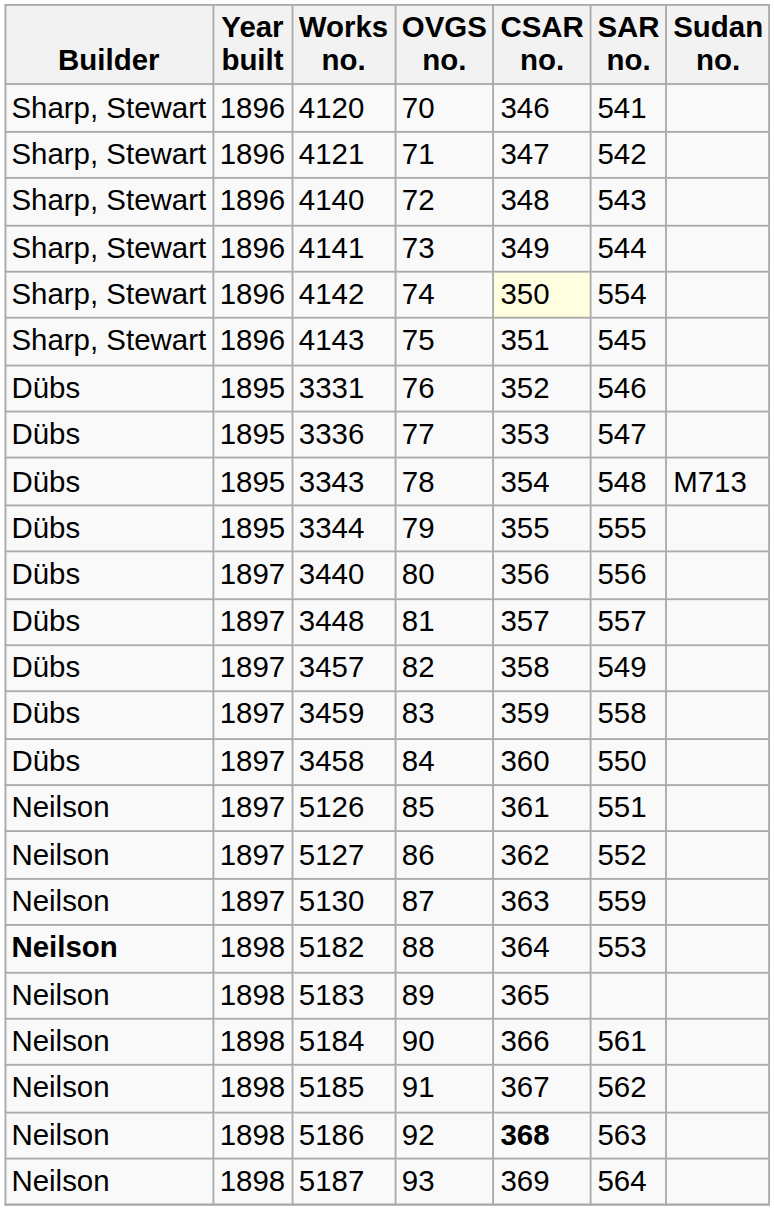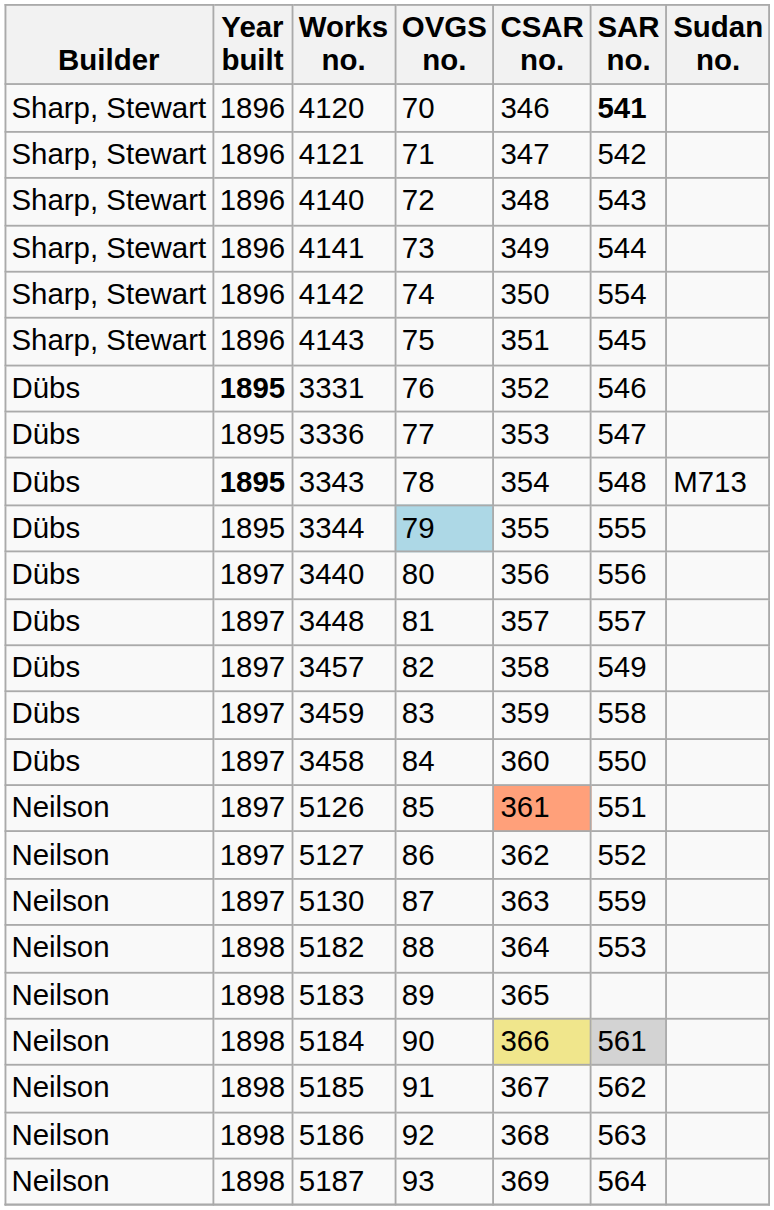 <table class="wikitable collapsible collapsed sortable" style="margin:0.5em auto; font-size:100%;">
 <tr>
 <th><br>Builder</th>
 <th>Year<br>built</th>
 <th>Works<br>no.</th>
 <th>OVGS<br>no.</th>
 <th>CSAR<br>no.</th>
 <th>SAR<br>no.</th>
 <th>Sudan<br>no.</th>
 </tr>
 <tr>
 <td>Sharp, Stewart</td>
 <td>1896</td>
 <td>4120</td>
 <td>70</td>
 <td>346</td>
-<td>541</td>
+<td><strong>541</strong></td>
 <td></td>
 </tr>
 <tr>
 <td>Sharp, Stewart</td>
 <td>1896</td>
 <td>4121</td>
 <td>71</td>
 <td>347</td>
 <td>542</td>
 <td></td>
 </tr>
 <tr>
 <td>Sharp, Stewart</td>
 <td>1896</td>
 <td>4140</td>
 <td>72</td>
 <td>348</td>
 <td>543</td>
 <td></td>
 </tr>
 <tr>
 <td>Sharp, Stewart</td>
 <td>1896</td>
 <td>4141</td>
 <td>73</td>
 <td>349</td>
 <td>544</td>
 <td></td>
 </tr>
 <tr>
 <td>Sharp, Stewart</td>
 <td>1896</td>
 <td>4142</td>
 <td>74</td>
-<td style="background: lightyellow;">350</td>
+<td>350</td>
 <td>554</td>
 <td></td>
 </tr>
 <tr>
 <td>Sharp, Stewart</td>
 <td>1896</td>
 <td>4143</td>
 <td>75</td>
 <td>351</td>
 <td>545</td>
 <td></td>
 </tr>
 <tr>
 <td>Dübs</td>
-<td>1895</td>
+<td><strong>1895</strong></td>
 <td>3331</td>
 <td>76</td>
 <td>352</td>
 <td>546</td>
 <td></td>
 </tr>
 <tr>
 <td>Dübs</td>
 <td>1895</td>
 <td>3336</td>
 <td>77</td>
 <td>353</td>
 <td>547</td>
 <td></td>
 </tr>
 <tr>
 <td>Dübs</td>
-<td>1895</td>
+<td><strong>1895</strong></td>
 <td>3343</td>
 <td>78</td>
 <td>354</td>
 <td>548</td>
 <td>M713</td>
 </tr>
 <tr>
 <td>Dübs</td>
 <td>1895</td>
 <td>3344</td>
-<td>79</td>
+<td style="background: lightblue;">79</td>
 <td>355</td>
 <td>555</td>
 <td></td>
 </tr>
 <tr>
 <td>Dübs</td>
 <td>1897</td>
 <td>3440</td>
 <td>80</td>
 <td>356</td>
 <td>556</td>
 <td></td>
 </tr>
 <tr>
 <td>Dübs</td>
 <td>1897</td>
 <td>3448</td>
 <td>81</td>
 <td>357</td>
 <td>557</td>
 <td></td>
 </tr>
 <tr>
 <td>Dübs</td>
 <td>1897</td>
 <td>3457</td>
 <td>82</td>
 <td>358</td>
 <td>549</td>
 <td></td>
 </tr>
 <tr>
 <td>Dübs</td>
 <td>1897</td>
 <td>3459</td>
 <td>83</td>
 <td>359</td>
 <td>558</td>
 <td></td>
 </tr>
 <tr>
 <td>Dübs</td>
 <td>1897</td>
 <td>3458</td>
 <td>84</td>
 <td>360</td>
 <td>550</td>
 <td></td>
 </tr>
 <tr>
 <td>Neilson</td>
 <td>1897</td>
 <td>5126</td>
 <td>85</td>
-<td>361</td>
+<td style="background: lightsalmon;">361</td>
 <td>551</td>
 <td></td>
 </tr>
 <tr>
 <td>Neilson</td>
 <td>1897</td>
 <td>5127</td>
 <td>86</td>
 <td>362</td>
 <td>552</td>
 <td></td>
 </tr>
 <tr>
 <td>Neilson</td>
 <td>1897</td>
 <td>5130</td>
 <td>87</td>
 <td>363</td>
 <td>559</td>
 <td></td>
 </tr>
 <tr>
-<td><strong>Neilson</strong></td>
+<td>Neilson</td>
 <td>1898</td>
 <td>5182</td>
 <td>88</td>
 <td>364</td>
 <td>553</td>
 <td></td>
 </tr>
 <tr>
 <td>Neilson</td>
 <td>1898</td>
 <td>5183</td>
 <td>89</td>
 <td>365</td>
 <td></td>
 <td></td>
 </tr>
 <tr>
 <td>Neilson</td>
 <td>1898</td>
 <td>5184</td>
 <td>90</td>
-<td>366</td>
-<td>561</td>
+<td style="background: khaki;">366</td>
+<td style="background: lightgrey;">561</td>
 <td></td>
 </tr>
 <tr>
 <td>Neilson</td>
 <td>1898</td>
 <td>5185</td>
 <td>91</td>
 <td>367</td>
 <td>562</td>
 <td></td>
 </tr>
 <tr>
 <td>Neilson</td>
 <td>1898</td>
 <td>5186</td>
 <td>92</td>
-<td><strong>368</strong></td>
+<td>368</td>
 <td>563</td>
 <td></td>
 </tr>
 <tr>
 <td>Neilson</td>
 <td>1898</td>
 <td>5187</td>
 <td>93</td>
 <td>369</td>
 <td>564</td>
 <td></td>
 </tr>
 <tr>
 </tr>
 </table>
